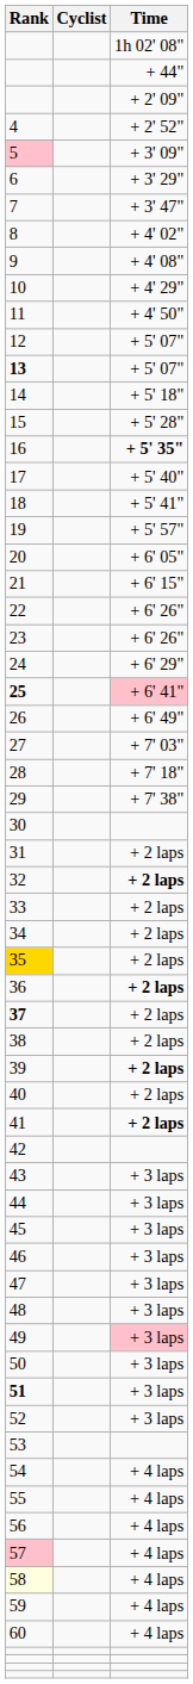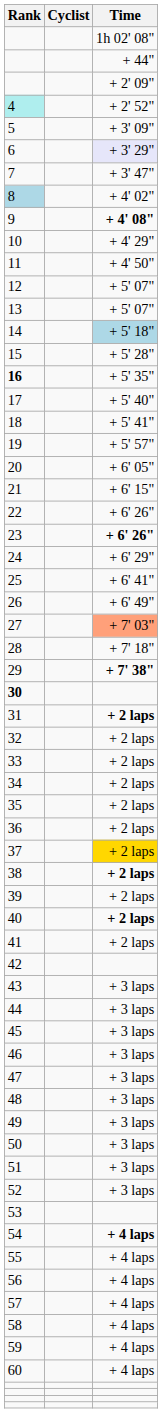 <table class="wikitable">
 <tr>
 <th>Rank</th>
 <th>Cyclist</th>
 <th>Time</th>
 </tr>
 <tr>
 <td></td>
 <td></td>
 <td align="right">1h 02' 08"</td>
 </tr>
 <tr>
 <td></td>
 <td></td>
 <td align="right">+ 44"</td>
 </tr>
 <tr>
 <td></td>
 <td></td>
 <td align="right">+ 2' 09"</td>
 </tr>
 <tr>
-<td>4</td>
+<td style="background: paleturquoise;">4</td>
 <td></td>
 <td align="right">+ 2' 52"</td>
 </tr>
 <tr>
-<td style="background: pink;">5</td>
+<td>5</td>
 <td></td>
 <td align="right">+ 3' 09"</td>
 </tr>
 <tr>
 <td>6</td>
 <td></td>
-<td align="right">+ 3' 29"</td>
+<td align="right" style="background: lavender;">+ 3' 29"</td>
 </tr>
 <tr>
 <td>7</td>
 <td></td>
 <td align="right">+ 3' 47"</td>
 </tr>
 <tr>
-<td>8</td>
+<td style="background: lightblue;">8</td>
 <td></td>
 <td align="right">+ 4' 02"</td>
 </tr>
 <tr>
 <td>9</td>
 <td></td>
-<td align="right">+ 4' 08"</td>
+<td align="right"><strong>+ 4' 08"</strong></td>
 </tr>
 <tr>
 <td>10</td>
 <td></td>
 <td align="right">+ 4' 29"</td>
 </tr>
 <tr>
 <td>11</td>
 <td></td>
 <td align="right">+ 4' 50"</td>
 </tr>
 <tr>
 <td>12</td>
 <td></td>
 <td align="right">+ 5' 07"</td>
 </tr>
 <tr>
-<td><strong>13</strong></td>
+<td>13</td>
 <td></td>
 <td align="right">+ 5' 07"</td>
 </tr>
 <tr>
 <td>14</td>
 <td></td>
-<td align="right">+ 5' 18"</td>
+<td align="right" style="background: lightblue;">+ 5' 18"</td>
 </tr>
 <tr>
 <td>15</td>
 <td></td>
 <td align="right">+ 5' 28"</td>
 </tr>
 <tr>
-<td>16</td>
+<td><strong>16</strong></td>
 <td></td>
-<td align="right"><strong>+ 5' 35"</strong></td>
+<td align="right">+ 5' 35"</td>
 </tr>
 <tr>
 <td>17</td>
 <td></td>
 <td align="right">+ 5' 40"</td>
 </tr>
 <tr>
 <td>18</td>
 <td></td>
 <td align="right">+ 5' 41"</td>
 </tr>
 <tr>
 <td>19</td>
 <td></td>
 <td align="right">+ 5' 57"</td>
 </tr>
 <tr>
 <td>20</td>
 <td></td>
 <td align="right">+ 6' 05"</td>
 </tr>
 <tr>
 <td>21</td>
 <td></td>
 <td align="right">+ 6' 15"</td>
 </tr>
 <tr>
 <td>22</td>
 <td></td>
 <td align="right">+ 6' 26"</td>
 </tr>
 <tr>
 <td>23</td>
 <td></td>
-<td align="right">+ 6' 26"</td>
+<td align="right"><strong>+ 6' 26"</strong></td>
 </tr>
 <tr>
 <td>24</td>
 <td></td>
 <td align="right">+ 6' 29"</td>
 </tr>
 <tr>
-<td><strong>25</strong></td>
+<td>25</td>
 <td></td>
-<td align="right" style="background: pink;">+ 6' 41"</td>
+<td align="right">+ 6' 41"</td>
 </tr>
 <tr>
 <td>26</td>
 <td></td>
 <td align="right">+ 6' 49"</td>
 </tr>
 <tr>
 <td>27</td>
 <td></td>
-<td align="right">+ 7' 03"</td>
+<td align="right" style="background: lightsalmon;">+ 7' 03"</td>
 </tr>
 <tr>
 <td>28</td>
 <td></td>
 <td align="right">+ 7' 18"</td>
 </tr>
 <tr>
 <td>29</td>
 <td></td>
-<td align="right">+ 7' 38"</td>
+<td align="right"><strong>+ 7' 38"</strong></td>
 </tr>
 <tr>
-<td>30</td>
+<td><strong>30</strong></td>
 <td></td>
 <td align="right"></td>
 </tr>
 <tr>
 <td>31</td>
 <td></td>
-<td align="right">+ 2 laps</td>
+<td align="right"><strong>+ 2 laps</strong></td>
 </tr>
 <tr>
 <td>32</td>
 <td></td>
-<td align="right"><strong>+ 2 laps</strong></td>
+<td align="right">+ 2 laps</td>
 </tr>
 <tr>
 <td>33</td>
 <td></td>
 <td align="right">+ 2 laps</td>
 </tr>
 <tr>
 <td>34</td>
 <td></td>
 <td align="right">+ 2 laps</td>
 </tr>
 <tr>
-<td style="background: gold;">35</td>
+<td>35</td>
 <td></td>
 <td align="right">+ 2 laps</td>
 </tr>
 <tr>
 <td>36</td>
 <td></td>
+<td align="right">+ 2 laps</td>
+</tr>
+<tr>
+<td>37</td>
+<td></td>
+<td align="right" style="background: gold;">+ 2 laps</td>
+</tr>
+<tr>
+<td>38</td>
+<td></td>
 <td align="right"><strong>+ 2 laps</strong></td>
 </tr>
 <tr>
-<td><strong>37</strong></td>
+<td>39</td>
 <td></td>
 <td align="right">+ 2 laps</td>
 </tr>
 <tr>
-<td>38</td>
-<td></td>
-<td align="right">+ 2 laps</td>
-</tr>
-<tr>
-<td>39</td>
+<td>40</td>
 <td></td>
 <td align="right"><strong>+ 2 laps</strong></td>
 </tr>
 <tr>
-<td>40</td>
+<td>41</td>
 <td></td>
 <td align="right">+ 2 laps</td>
-</tr>
-<tr>
-<td>41</td>
-<td></td>
-<td align="right"><strong>+ 2 laps</strong></td>
 </tr>
 <tr>
 <td>42</td>
 <td></td>
 <td align="right"></td>
 </tr>
 <tr>
 <td>43</td>
 <td></td>
 <td align="right">+ 3 laps</td>
 </tr>
 <tr>
 <td>44</td>
 <td></td>
 <td align="right">+ 3 laps</td>
 </tr>
 <tr>
 <td>45</td>
 <td></td>
 <td align="right">+ 3 laps</td>
 </tr>
 <tr>
 <td>46</td>
 <td></td>
 <td align="right">+ 3 laps</td>
 </tr>
 <tr>
 <td>47</td>
 <td></td>
 <td align="right">+ 3 laps</td>
 </tr>
 <tr>
 <td>48</td>
 <td></td>
 <td align="right">+ 3 laps</td>
 </tr>
 <tr>
 <td>49</td>
 <td></td>
-<td align="right" style="background: pink;">+ 3 laps</td>
+<td align="right">+ 3 laps</td>
 </tr>
 <tr>
 <td>50</td>
 <td></td>
 <td align="right">+ 3 laps</td>
 </tr>
 <tr>
-<td><strong>51</strong></td>
+<td>51</td>
 <td></td>
 <td align="right">+ 3 laps</td>
 </tr>
 <tr>
 <td>52</td>
 <td></td>
 <td align="right">+ 3 laps</td>
 </tr>
 <tr>
 <td>53</td>
 <td></td>
 <td align="right"></td>
 </tr>
 <tr>
 <td>54</td>
 <td></td>
-<td align="right">+ 4 laps</td>
+<td align="right"><strong>+ 4 laps</strong></td>
 </tr>
 <tr>
 <td>55</td>
 <td></td>
 <td align="right">+ 4 laps</td>
 </tr>
 <tr>
 <td>56</td>
 <td></td>
 <td align="right">+ 4 laps</td>
 </tr>
 <tr>
-<td style="background: pink;">57</td>
+<td>57</td>
 <td></td>
 <td align="right">+ 4 laps</td>
 </tr>
 <tr>
-<td style="background: lightyellow;">58</td>
+<td>58</td>
 <td></td>
 <td align="right">+ 4 laps</td>
 </tr>
 <tr>
 <td>59</td>
 <td></td>
 <td align="right">+ 4 laps</td>
 </tr>
 <tr>
 <td>60</td>
 <td></td>
 <td align="right">+ 4 laps</td>
 </tr>
 <tr>
 <td></td>
 <td></td>
 <td align="right"></td>
 </tr>
 <tr>
 <td></td>
 <td></td>
 <td align="right"></td>
 </tr>
 <tr>
 <td></td>
 <td></td>
 <td align="right"></td>
 </tr>
 <tr>
 <td></td>
 <td></td>
 <td align="right"></td>
 </tr>
 </table>
